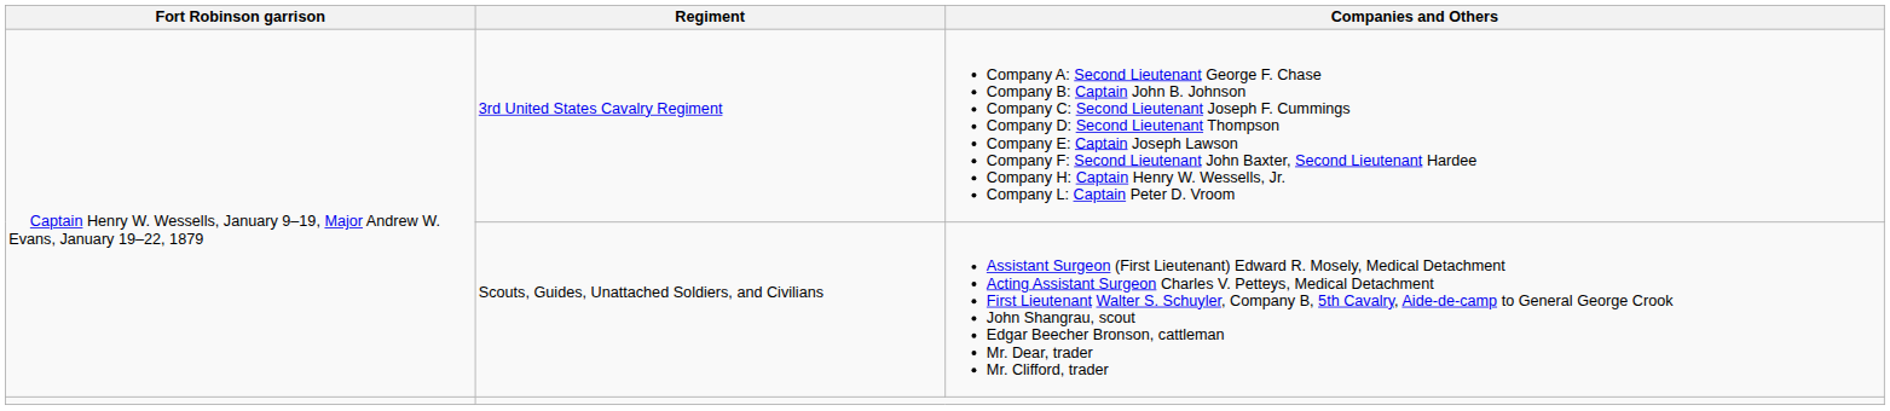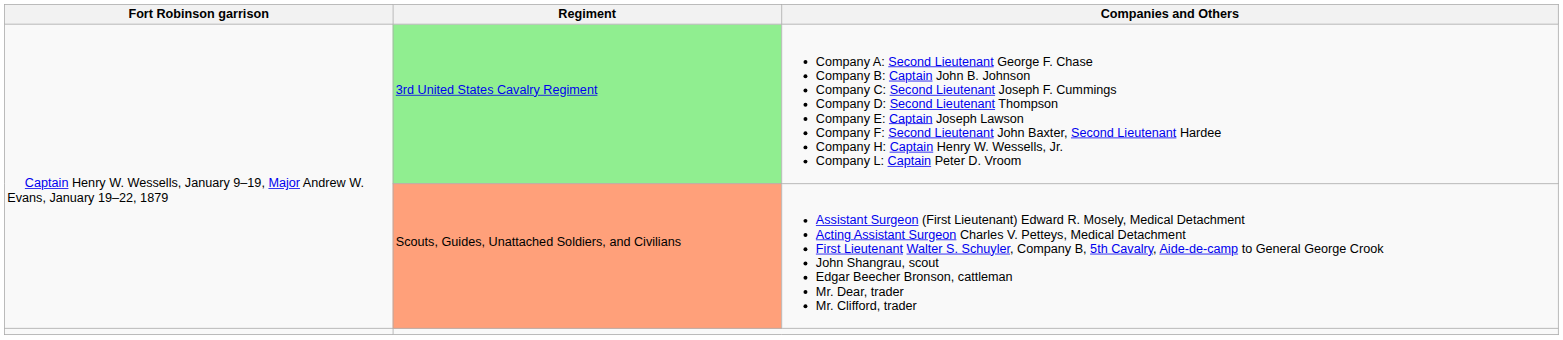 <table class="wikitable">
 <tr>
 <th style="width:25%;">Fort Robinson garrison</th>
 <th style="width:25%;">Regiment</th>
 <th>Companies and Others</th>
 </tr>
 <tr>
 <td rowspan=2><br><br>     <a href='#'>Captain</a> Henry W. Wessells, January 9–19,  <a href='#'>Major</a> Andrew W. Evans, January 19–22, 1879</td>
-<td><a href='#'>3rd United States Cavalry Regiment</a><br><br>  </td>
+<td style="background: lightgreen;"><a href='#'>3rd United States Cavalry Regiment</a><br><br>  </td>
 <td><br><ul><li>Company A: <a href='#'>Second Lieutenant</a> George F. Chase</li><li>Company B: <a href='#'>Captain</a> John B. Johnson</li><li>Company C: <a href='#'>Second Lieutenant</a> Joseph F. Cummings</li><li>Company D: <a href='#'>Second Lieutenant</a> Thompson</li><li>Company E: <a href='#'>Captain</a> Joseph Lawson</li><li>Company F: <a href='#'>Second Lieutenant</a> John Baxter, <a href='#'>Second Lieutenant</a> Hardee</li><li>Company H: <a href='#'>Captain</a> Henry W. Wessells, Jr.</li><li>Company L: <a href='#'>Captain</a> Peter D. Vroom</li></ul></td>
 </tr>
 <tr>
-<td>Scouts, Guides, Unattached Soldiers, and Civilians<br><br>  </td>
+<td style="background: lightsalmon;">Scouts, Guides, Unattached Soldiers, and Civilians<br><br>  </td>
 <td><br><ul><li><a href='#'>Assistant Surgeon</a> (First Lieutenant) Edward R. Mosely, Medical Detachment</li><li><a href='#'>Acting Assistant Surgeon</a> Charles V. Petteys, Medical Detachment</li><li><a href='#'>First Lieutenant</a> <a href='#'>Walter S. Schuyler</a>, Company B, <a href='#'>5th Cavalry</a>, <a href='#'>Aide-de-camp</a> to General George Crook</li><li>John Shangrau, scout</li><li>Edgar Beecher Bronson, cattleman</li><li>Mr. Dear, trader</li><li>Mr. Clifford, trader</li></ul></td>
 </tr>
 <tr>
 <td></td>
 </tr>
 </table>
